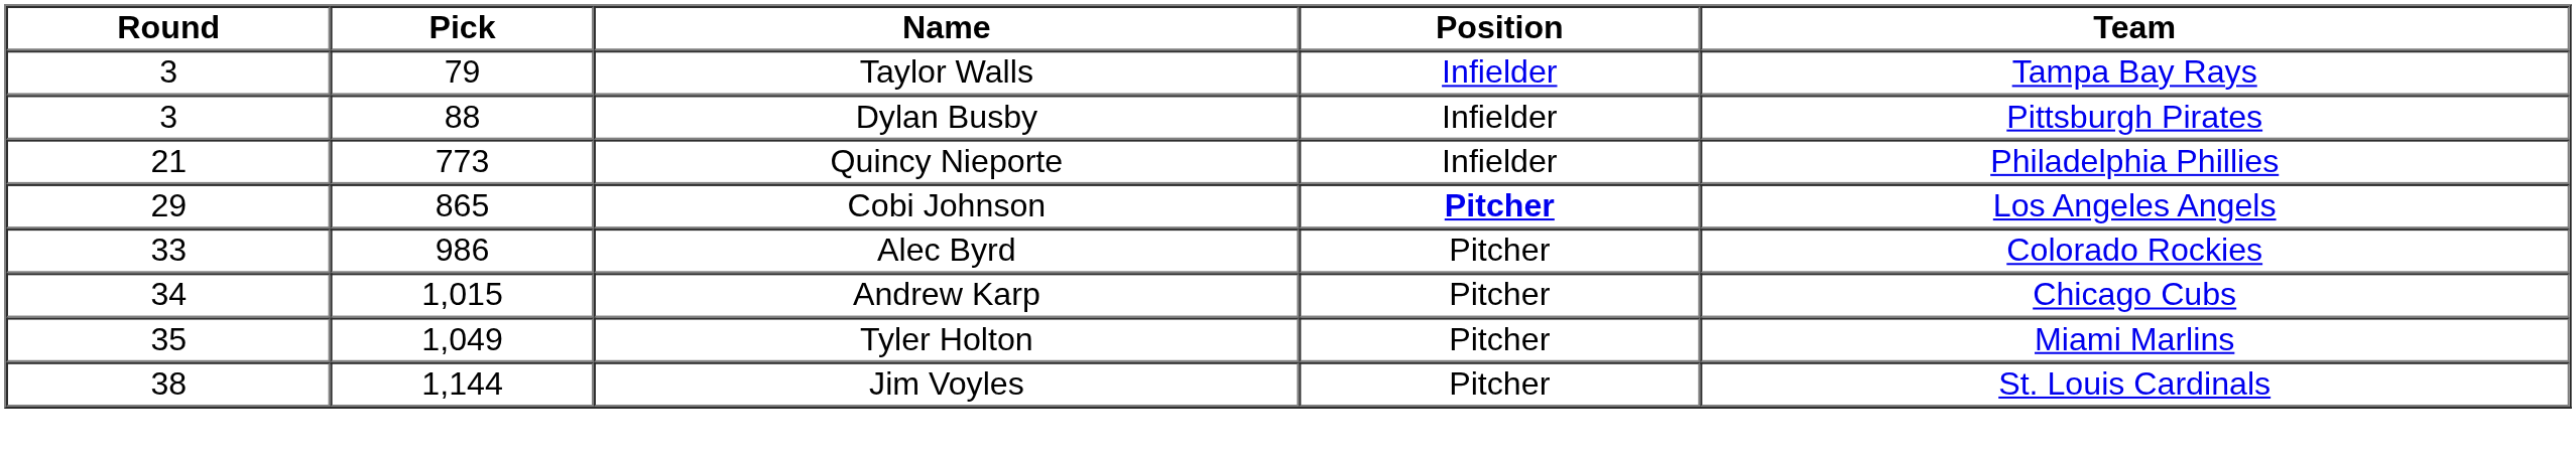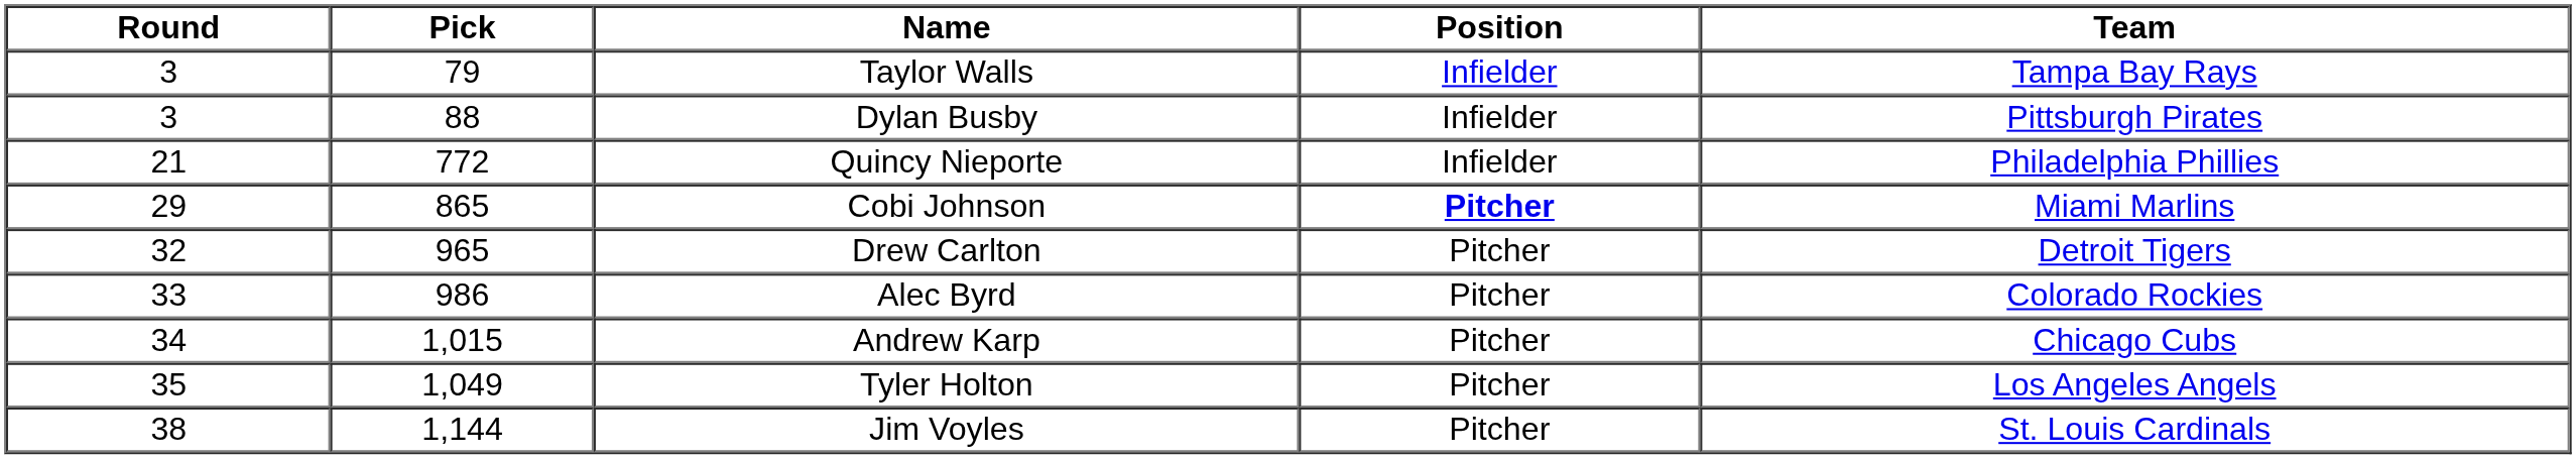 <table cellpadding="1" border="1" cellspacing="0" width="80%">
 <tr>
 <th>Round</th>
 <th>Pick</th>
 <th>Name</th>
 <th>Position</th>
 <th>Team</th>
 </tr>
 <tr align="center">
 <td>3</td>
 <td>79</td>
 <td>Taylor Walls</td>
 <td><a href='#'>Infielder</a></td>
 <td><a href='#'>Tampa Bay Rays</a></td>
 </tr>
 <tr align="center">
 <td>3</td>
 <td>88</td>
 <td>Dylan Busby</td>
 <td>Infielder</td>
 <td><a href='#'>Pittsburgh Pirates</a></td>
 </tr>
 <tr align="center">
 <td>21</td>
-<td>773</td>
+<td>772</td>
 <td>Quincy Nieporte</td>
 <td>Infielder</td>
 <td><a href='#'>Philadelphia Phillies</a></td>
 </tr>
 <tr align="center">
 <td>29</td>
 <td>865</td>
 <td>Cobi Johnson</td>
 <td><strong><a href='#'>Pitcher</a></strong></td>
-<td><a href='#'>Los Angeles Angels</a></td>
+<td><a href='#'>Miami Marlins</a></td>
+</tr>
+<tr align="center">
+<td>32</td>
+<td>965</td>
+<td>Drew Carlton</td>
+<td>Pitcher</td>
+<td><a href='#'>Detroit Tigers</a></td>
 </tr>
 <tr align="center">
 <td>33</td>
 <td>986</td>
 <td>Alec Byrd</td>
 <td>Pitcher</td>
 <td><a href='#'>Colorado Rockies</a></td>
 </tr>
 <tr align="center">
 <td>34</td>
 <td>1,015</td>
 <td>Andrew Karp</td>
 <td>Pitcher</td>
 <td><a href='#'>Chicago Cubs</a></td>
 </tr>
 <tr align="center">
 <td>35</td>
 <td>1,049</td>
 <td>Tyler Holton</td>
 <td>Pitcher</td>
-<td><a href='#'>Miami Marlins</a></td>
+<td><a href='#'>Los Angeles Angels</a></td>
 </tr>
 <tr align="center">
 <td>38</td>
 <td>1,144</td>
 <td>Jim Voyles</td>
 <td>Pitcher</td>
 <td><a href='#'>St. Louis Cardinals</a></td>
 </tr>
 </table>
